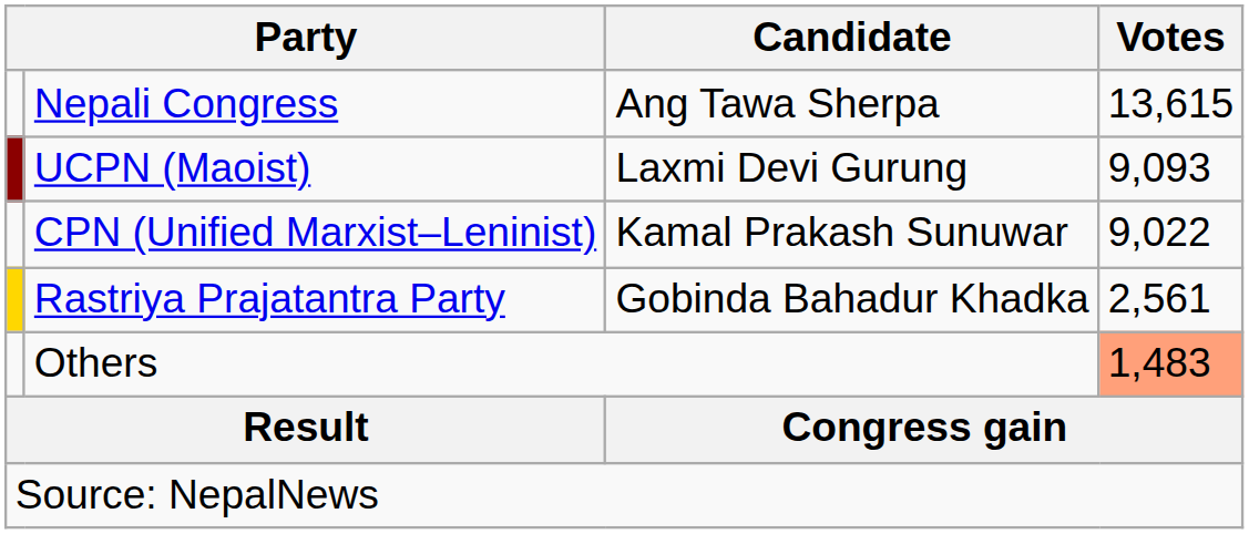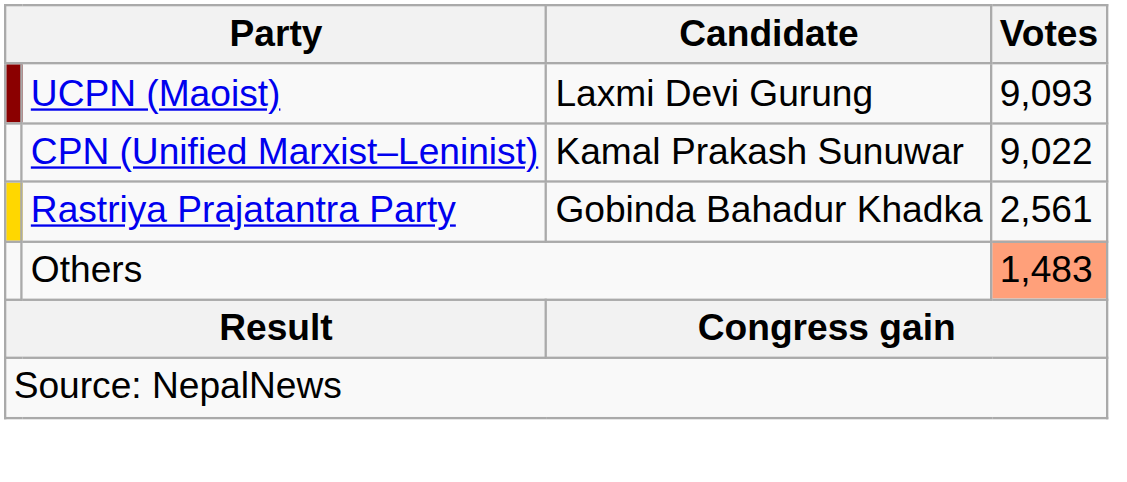 <table class="wikitable">
 <tr>
 <th colspan="2">Party</th>
 <th>Candidate</th>
 <th>Votes</th>
-</tr>
-<tr>
-<td style="background-color:"></td>
-<td><a href='#'>Nepali Congress</a></td>
-<td>Ang Tawa Sherpa</td>
-<td>13,615</td>
 </tr>
 <tr>
 <td style="background-color:darkred"></td>
 <td><a href='#'>UCPN (Maoist)</a></td>
 <td>Laxmi Devi Gurung</td>
 <td>9,093</td>
 </tr>
 <tr>
 <td style="background-color:"></td>
 <td><a href='#'>CPN (Unified Marxist–Leninist)</a></td>
 <td>Kamal Prakash Sunuwar</td>
 <td>9,022</td>
 </tr>
 <tr>
 <td style="background-color:gold"></td>
 <td><a href='#'>Rastriya Prajatantra Party</a></td>
 <td>Gobinda Bahadur Khadka</td>
 <td>2,561</td>
 </tr>
 <tr>
 <td></td>
 <td colspan="2">Others</td>
 <td style="background: lightsalmon;">1,483</td>
 </tr>
 <tr>
 <th colspan="2">Result</th>
 <th colspan="2">Congress gain</th>
 </tr>
 <tr>
 <td colspan="4">Source: NepalNews</td>
 </tr>
 </table>
